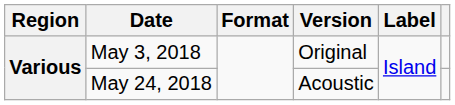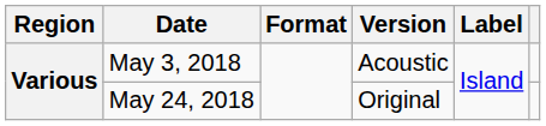 <table class="wikitable plainrowheaders">
 <tr>
 <th scope="col">Region</th>
 <th scope="col">Date</th>
 <th scope="col">Format</th>
 <th scope="col">Version</th>
 <th scope="col">Label</th>
 <th scope="col"></th>
 </tr>
 <tr>
 <th scope="row" rowspan="3">Various</th>
 <td>May 3, 2018</td>
 <td rowspan="2"></td>
-<td>Original</td>
+<td>Acoustic</td>
 <td rowspan="2"><a href='#'>Island</a></td>
 <td></td>
 </tr>
 <tr>
 <td>May 24, 2018</td>
-<td>Acoustic</td>
+<td>Original</td>
 <td></td>
 </tr>
 </table>
